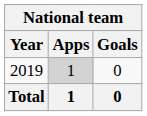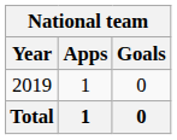 <table class="wikitable" style="text-align:center">
 <tr>
 <th colspan=3>National team</th>
 </tr>
 <tr>
 <th>Year</th>
 <th>Apps</th>
 <th>Goals</th>
 </tr>
 <tr>
 <td>2019</td>
-<td style="background: lightgrey;">1</td>
+<td>1</td>
 <td>0</td>
 </tr>
 <tr>
 <th>Total</th>
 <th>1</th>
 <th>0</th>
 </tr>
 </table>
